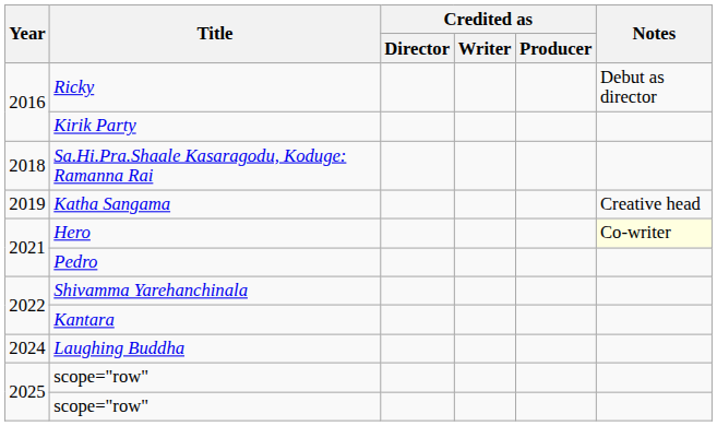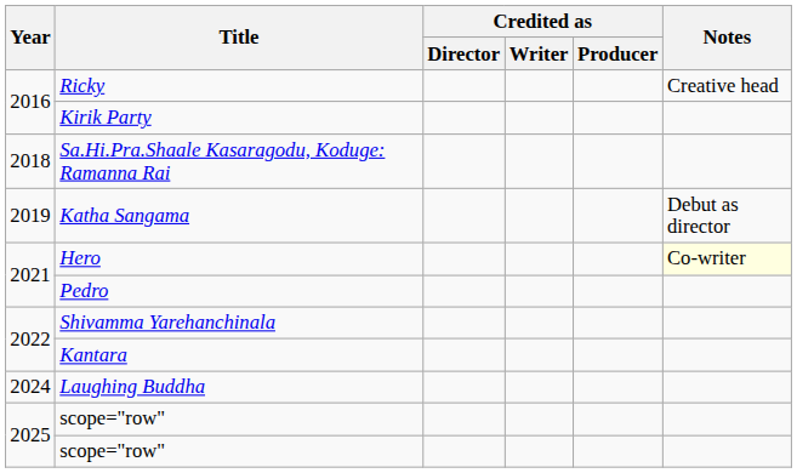 <table class="wikitable sortable" style="margin-right: 0;">
 <tr>
 <th rowspan="2">Year</th>
 <th rowspan="2">Title</th>
 <th colspan="3">Credited as</th>
 <th rowspan="2">Notes</th>
 </tr>
 <tr>
 <th>Director</th>
 <th>Writer</th>
 <th>Producer</th>
 </tr>
 <tr>
 <td rowspan='2'>2016</td>
 <td><em><a href='#'>Ricky</a></em></td>
 <td></td>
 <td></td>
 <td></td>
-<td>Debut as director</td>
+<td>Creative head</td>
 </tr>
 <tr>
 <td><em><a href='#'>Kirik Party</a></em></td>
 <td></td>
 <td></td>
 <td></td>
 <td></td>
 </tr>
 <tr>
 <td>2018</td>
 <td><em><a href='#'>Sa.Hi.Pra.Shaale Kasaragodu, Koduge: Ramanna Rai</a></em></td>
 <td></td>
 <td></td>
 <td></td>
 <td></td>
 </tr>
 <tr>
 <td>2019</td>
 <td><em><a href='#'>Katha Sangama</a></em></td>
 <td></td>
 <td></td>
 <td></td>
-<td>Creative head</td>
+<td>Debut as director</td>
 </tr>
 <tr>
 <td rowspan="2">2021</td>
 <td><a href='#'><em>Hero</em></a></td>
 <td></td>
 <td></td>
 <td></td>
 <td style="background: lightyellow;">Co-writer</td>
 </tr>
 <tr>
 <td><em><a href='#'>Pedro</a></em></td>
 <td></td>
 <td></td>
 <td></td>
 <td></td>
 </tr>
 <tr>
 <td rowspan="2">2022</td>
 <td><em><a href='#'>Shivamma Yarehanchinala</a></em></td>
 <td></td>
 <td></td>
 <td></td>
 <td></td>
 </tr>
 <tr>
 <td><em><a href='#'>Kantara</a></em></td>
 <td></td>
 <td></td>
 <td></td>
 <td></td>
 </tr>
 <tr>
 <td>2024</td>
 <td><em><a href='#'>Laughing Buddha</a></em></td>
 <td></td>
 <td></td>
 <td></td>
 <td></td>
 </tr>
 <tr>
 <td rowspan='2'>2025</td>
 <td>scope="row" </td>
 <td></td>
 <td></td>
 <td></td>
 <td></td>
 </tr>
 <tr>
 <td>scope="row" </td>
 <td></td>
 <td></td>
 <td></td>
 <td></td>
 </tr>
 </table>
